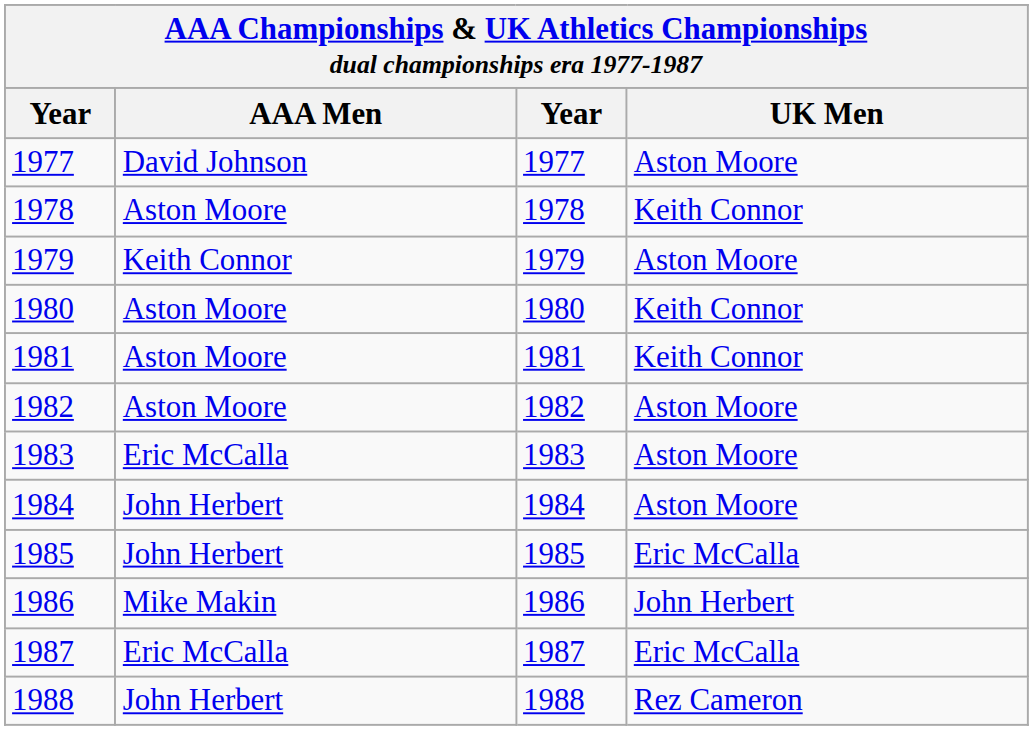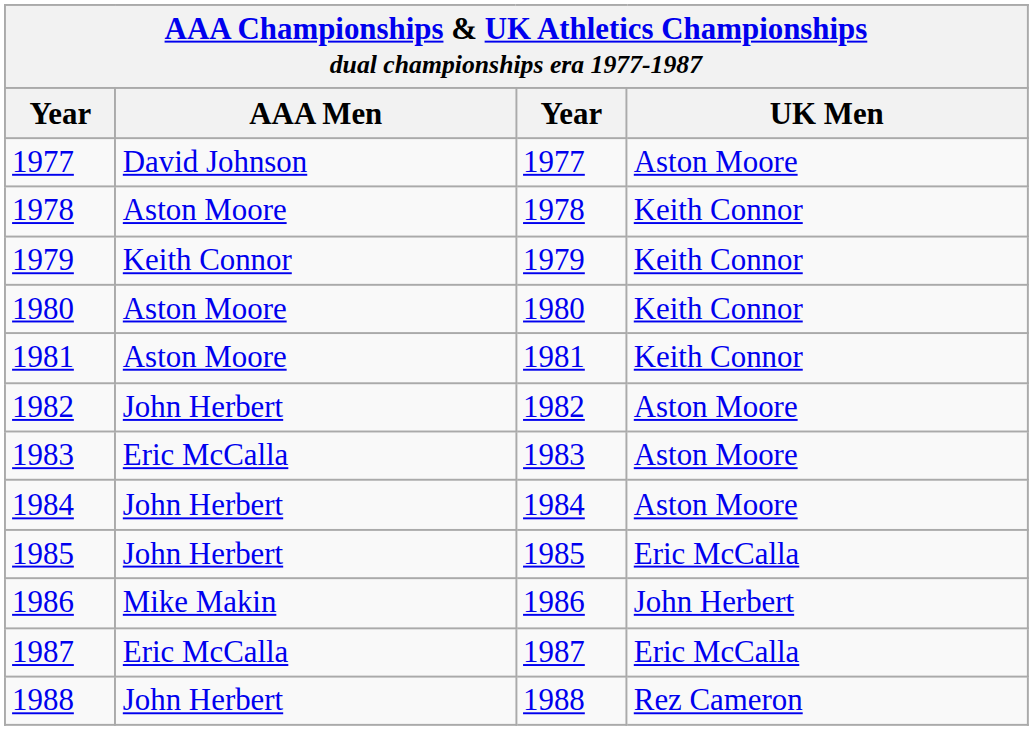 <table class="wikitable">
 <tr>
 <th colspan="4"><a href='#'>AAA Championships</a> & <a href='#'>UK Athletics Championships</a><br><em><small>dual championships era 1977-1987</small></em></th>
 </tr>
 <tr>
 <th width=50>Year</th>
 <th width=200>AAA Men</th>
 <th width=50>Year</th>
 <th width=200>UK Men</th>
 </tr>
 <tr>
 <td><a href='#'>1977</a></td>
 <td><a href='#'>David Johnson</a></td>
 <td><a href='#'>1977</a></td>
 <td><a href='#'>Aston Moore</a></td>
 </tr>
 <tr>
 <td><a href='#'>1978</a></td>
 <td><a href='#'>Aston Moore</a></td>
 <td><a href='#'>1978</a></td>
 <td><a href='#'>Keith Connor</a></td>
 </tr>
 <tr>
 <td><a href='#'>1979</a></td>
 <td><a href='#'>Keith Connor</a></td>
 <td><a href='#'>1979</a></td>
-<td><a href='#'>Aston Moore</a></td>
+<td><a href='#'>Keith Connor</a></td>
 </tr>
 <tr>
 <td><a href='#'>1980</a></td>
 <td><a href='#'>Aston Moore</a></td>
 <td><a href='#'>1980</a></td>
 <td><a href='#'>Keith Connor</a></td>
 </tr>
 <tr>
 <td><a href='#'>1981</a></td>
 <td><a href='#'>Aston Moore</a></td>
 <td><a href='#'>1981</a></td>
 <td><a href='#'>Keith Connor</a></td>
 </tr>
 <tr>
 <td><a href='#'>1982</a></td>
-<td><a href='#'>Aston Moore</a></td>
+<td><a href='#'>John Herbert</a></td>
 <td><a href='#'>1982</a></td>
 <td><a href='#'>Aston Moore</a></td>
 </tr>
 <tr>
 <td><a href='#'>1983</a></td>
 <td><a href='#'>Eric McCalla</a></td>
 <td><a href='#'>1983</a></td>
 <td><a href='#'>Aston Moore</a></td>
 </tr>
 <tr>
 <td><a href='#'>1984</a></td>
 <td><a href='#'>John Herbert</a></td>
 <td><a href='#'>1984</a></td>
 <td><a href='#'>Aston Moore</a></td>
 </tr>
 <tr>
 <td><a href='#'>1985</a></td>
 <td><a href='#'>John Herbert</a></td>
 <td><a href='#'>1985</a></td>
 <td><a href='#'>Eric McCalla</a></td>
 </tr>
 <tr>
 <td><a href='#'>1986</a></td>
 <td><a href='#'>Mike Makin</a></td>
 <td><a href='#'>1986</a></td>
 <td><a href='#'>John Herbert</a></td>
 </tr>
 <tr>
 <td><a href='#'>1987</a></td>
 <td><a href='#'>Eric McCalla</a></td>
 <td><a href='#'>1987</a></td>
 <td><a href='#'>Eric McCalla</a></td>
 </tr>
 <tr>
 <td><a href='#'>1988</a></td>
 <td><a href='#'>John Herbert</a></td>
 <td><a href='#'>1988</a></td>
 <td><a href='#'>Rez Cameron</a></td>
 </tr>
 </table>
